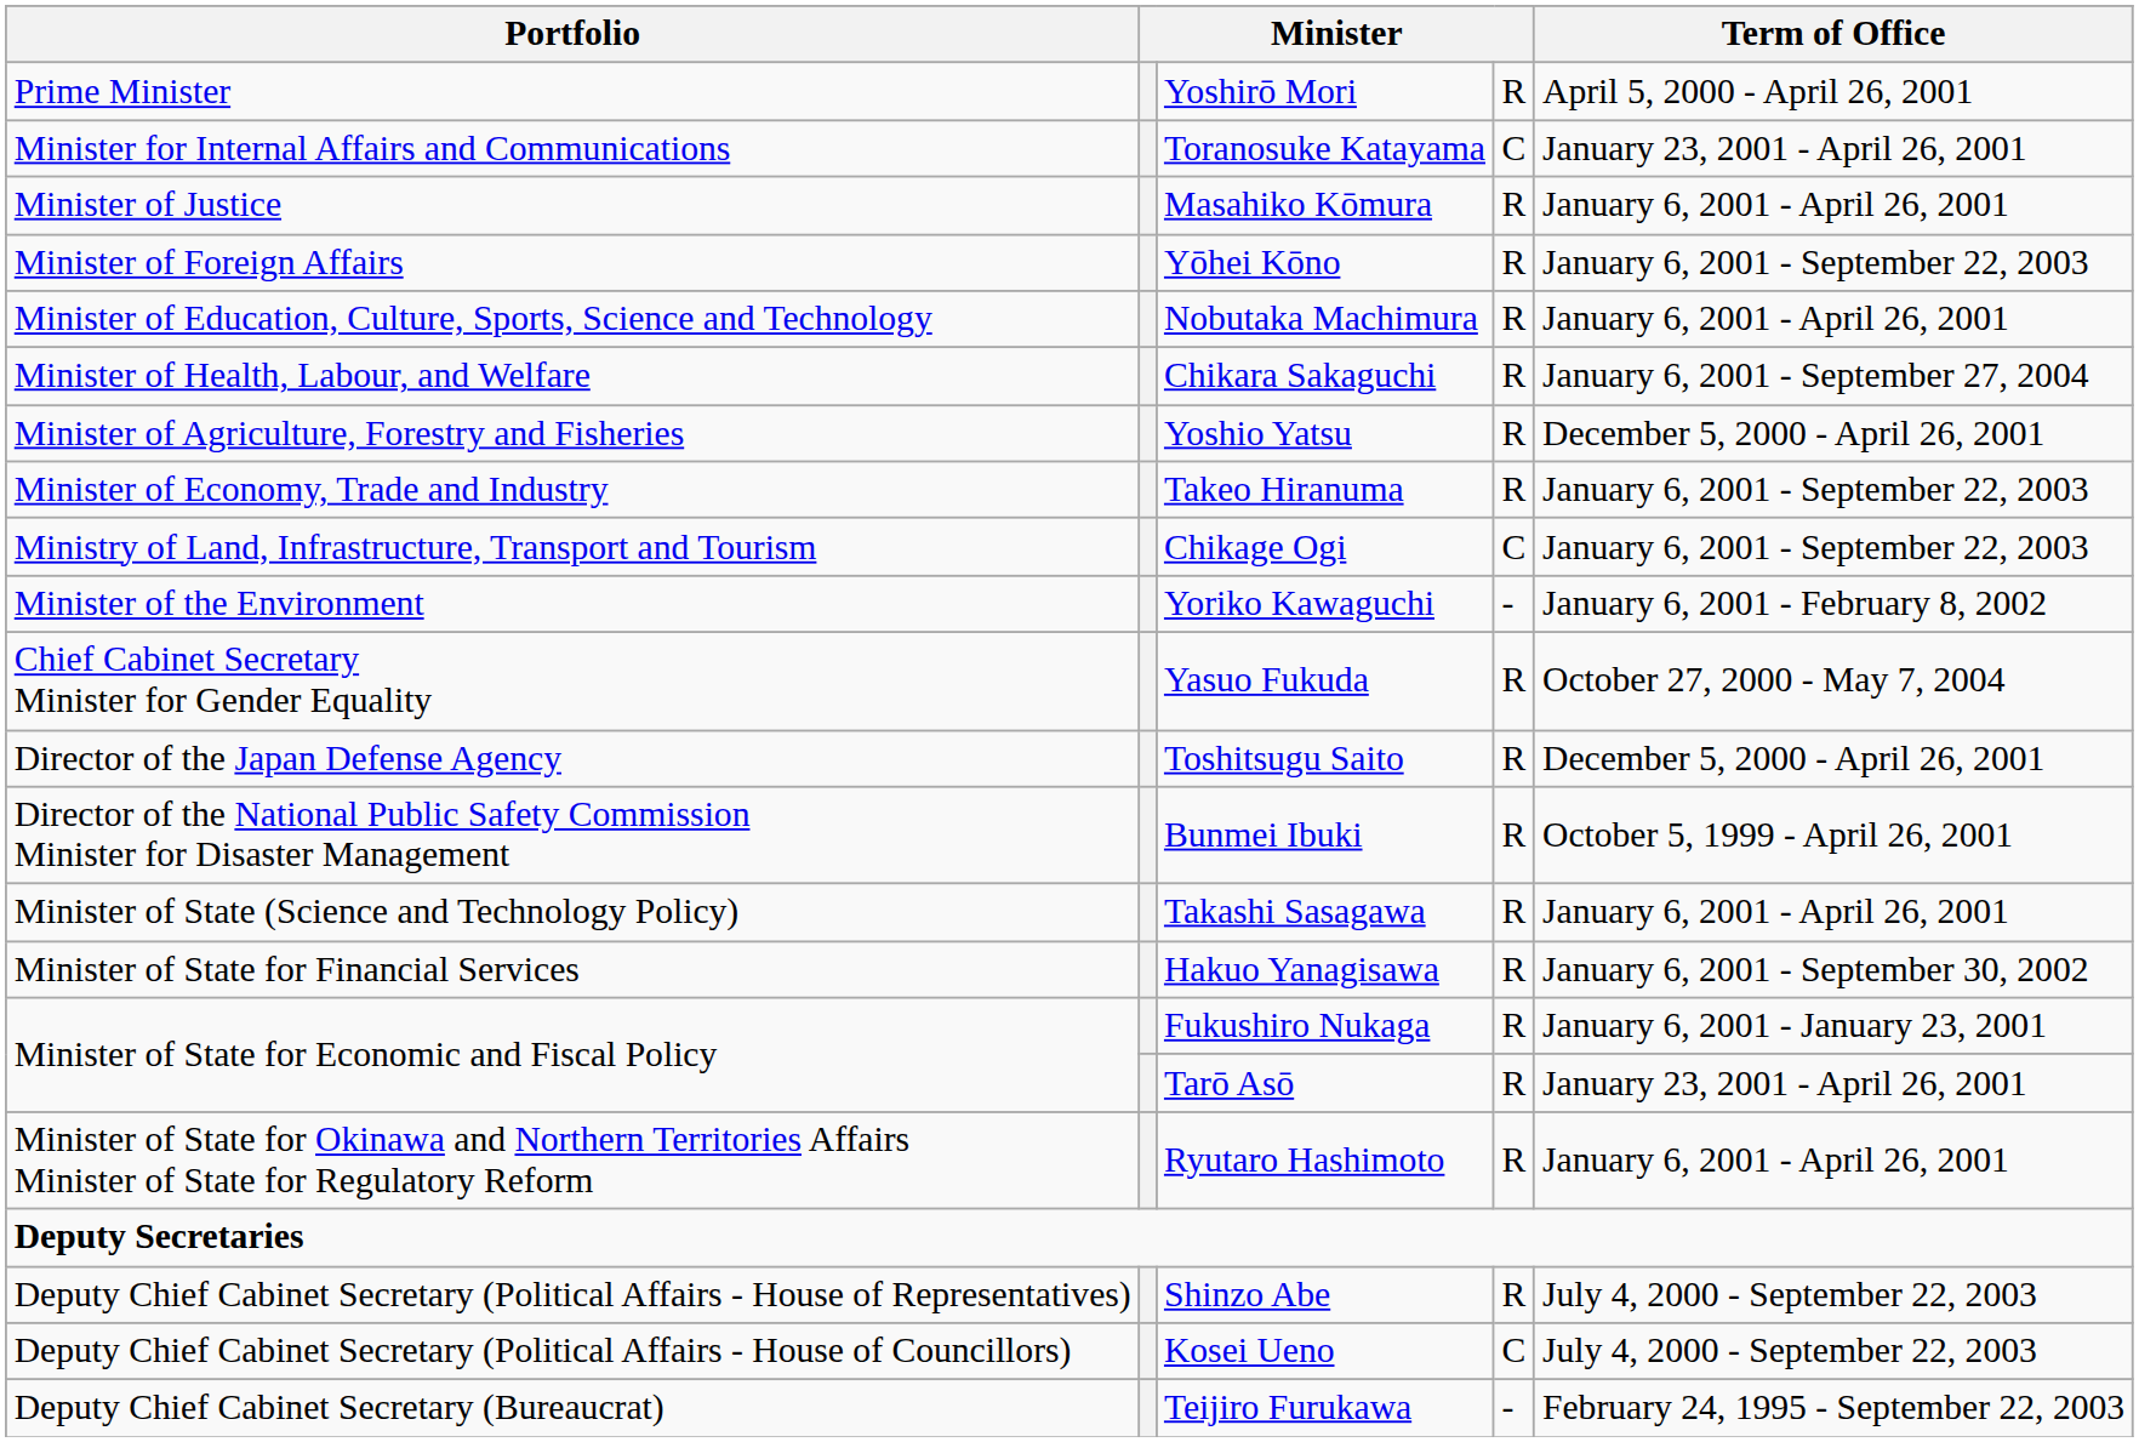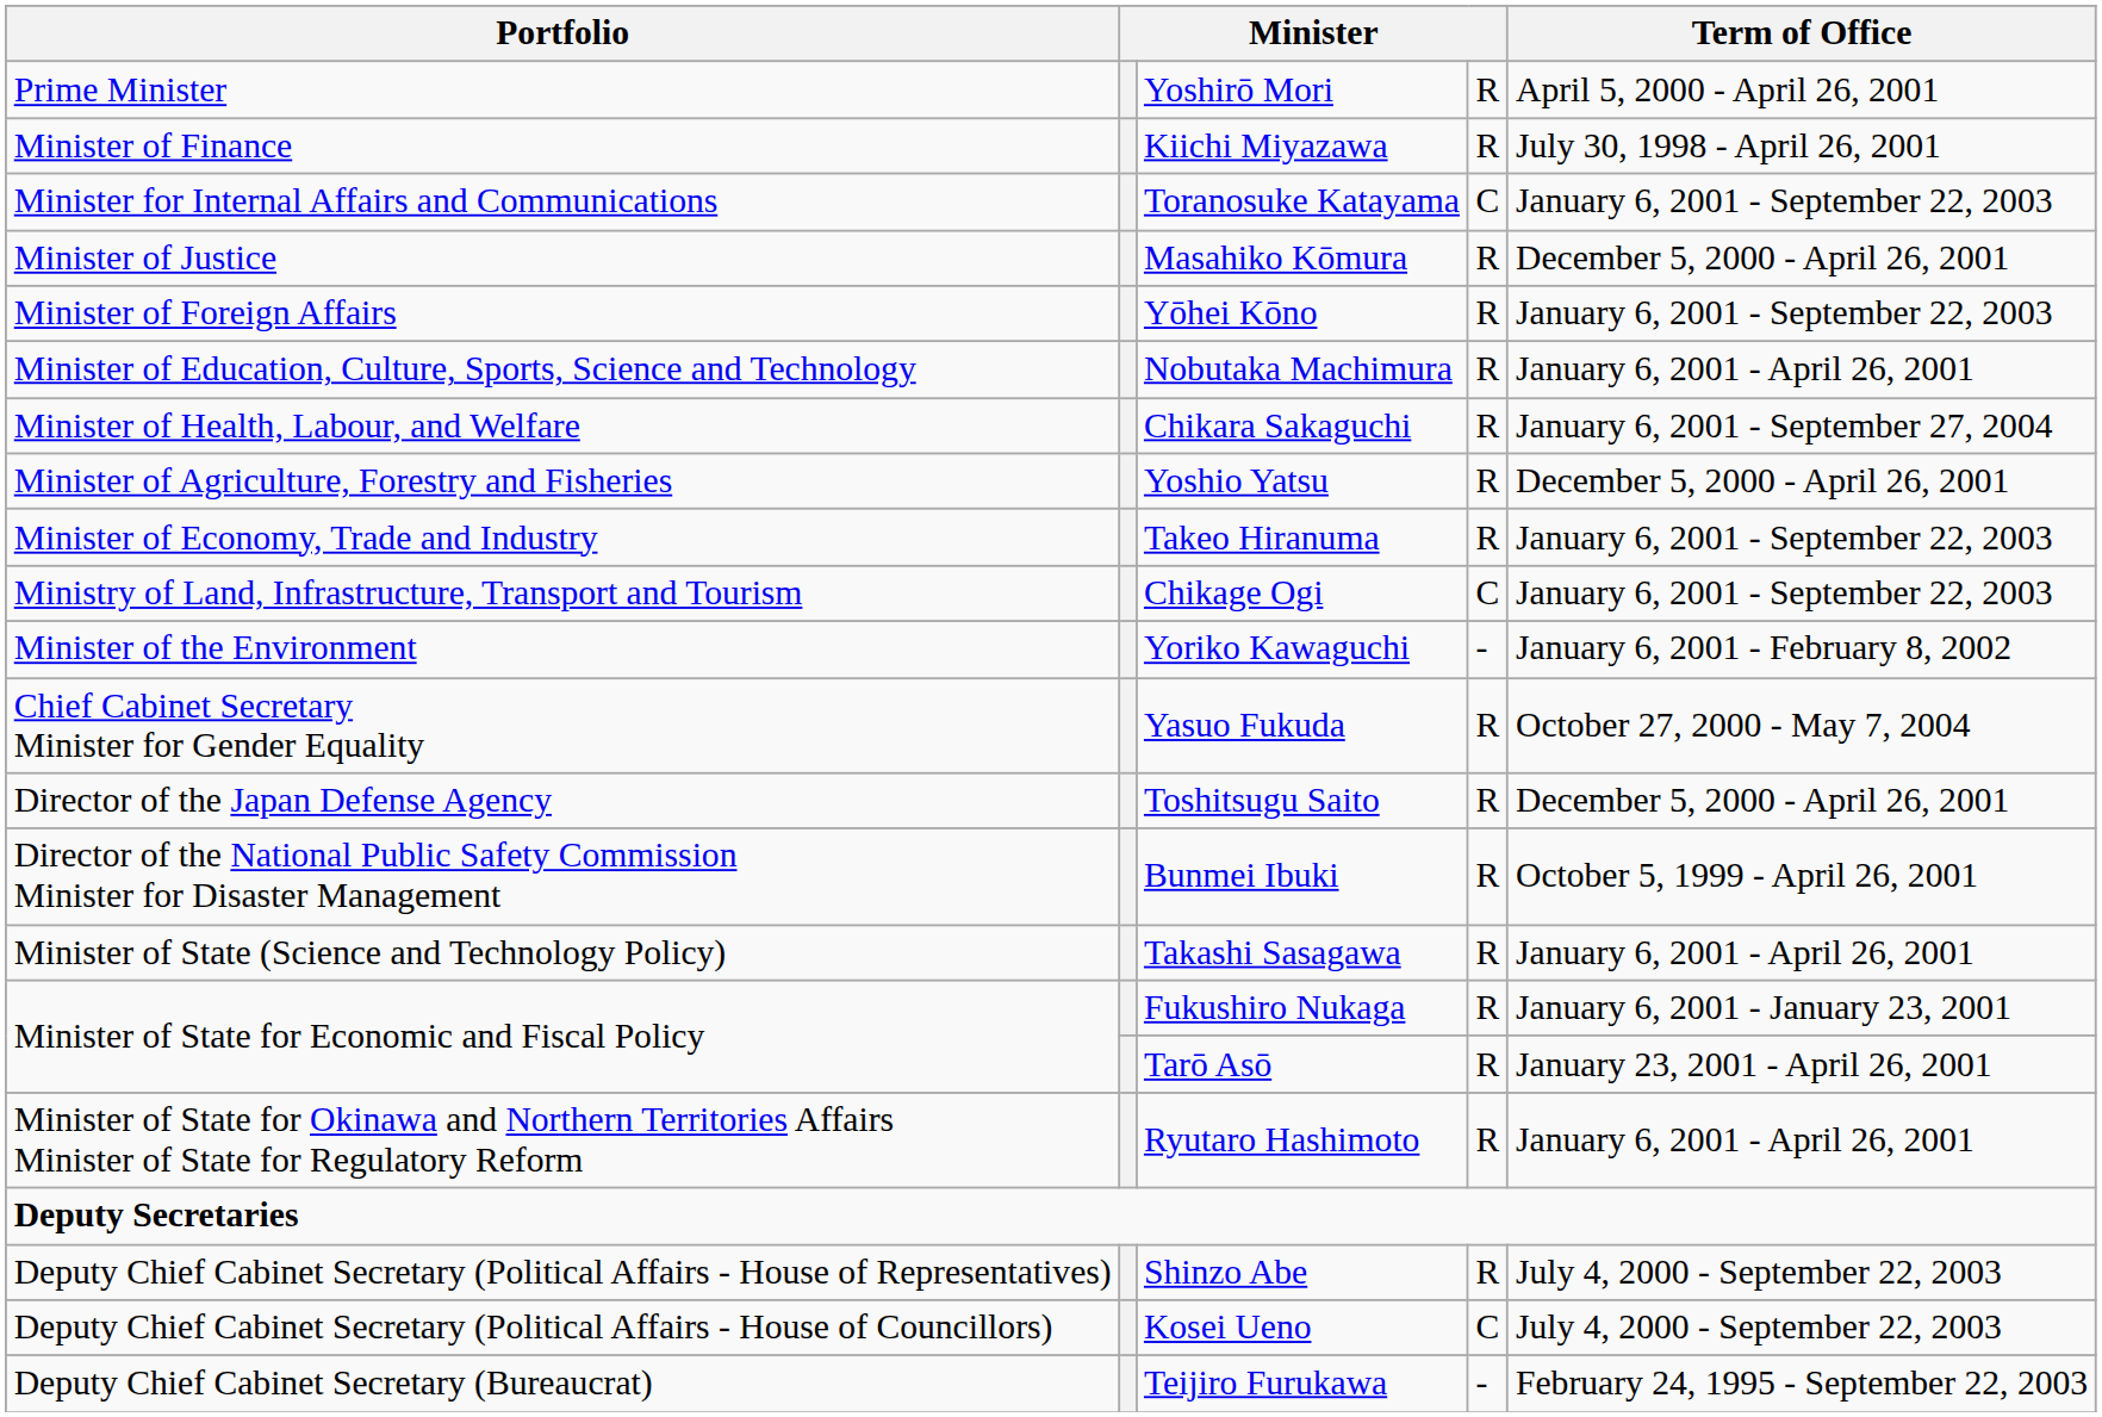 <table class="wikitable">
 <tr>
 <th>Portfolio</th>
 <th colspan=3>Minister</th>
 <th>Term of Office</th>
 </tr>
 <tr>
 <td><a href='#'>Prime Minister</a></td>
 <th style="color:inherit;background-color: "></th>
 <td><a href='#'>Yoshirō Mori</a></td>
 <td>R</td>
 <td>April 5, 2000 - April 26, 2001</td>
 </tr>
 <tr>
+<td><a href='#'>Minister of Finance</a></td>
+<th style="color:inherit;background-color: "></th>
+<td><a href='#'>Kiichi Miyazawa</a></td>
+<td>R</td>
+<td>July 30, 1998 - April 26, 2001</td>
+</tr>
+<tr>
 <td><a href='#'>Minister for Internal Affairs and Communications</a></td>
 <th style="color:inherit;background-color: "></th>
 <td><a href='#'>Toranosuke Katayama</a></td>
 <td>C</td>
-<td>January 23, 2001 - April 26, 2001</td>
+<td>January 6, 2001 - September 22, 2003</td>
 </tr>
 <tr>
 <td><a href='#'>Minister of Justice</a></td>
 <th style="color:inherit;background-color: "></th>
 <td><a href='#'>Masahiko Kōmura</a></td>
 <td>R</td>
-<td>January 6, 2001 - April 26, 2001</td>
+<td>December 5, 2000 - April 26, 2001</td>
 </tr>
 <tr>
 <td><a href='#'>Minister of Foreign Affairs</a></td>
 <th style="color:inherit;background-color: "></th>
 <td><a href='#'>Yōhei Kōno</a></td>
 <td>R</td>
 <td>January 6, 2001 - September 22, 2003</td>
 </tr>
 <tr>
 <td><a href='#'>Minister of Education, Culture, Sports, Science and Technology</a></td>
 <th style="color:inherit;background-color: "></th>
 <td><a href='#'>Nobutaka Machimura</a></td>
 <td>R</td>
 <td>January 6, 2001 - April 26, 2001</td>
 </tr>
 <tr>
 <td><a href='#'>Minister of Health, Labour, and Welfare</a></td>
 <th style="color:inherit;background-color: "></th>
 <td><a href='#'>Chikara Sakaguchi</a></td>
 <td>R</td>
 <td>January 6, 2001 - September 27, 2004</td>
 </tr>
 <tr>
 <td><a href='#'>Minister of Agriculture, Forestry and Fisheries</a></td>
 <th style="color:inherit;background-color: "></th>
 <td><a href='#'>Yoshio Yatsu</a></td>
 <td>R</td>
 <td>December 5, 2000 - April 26, 2001</td>
 </tr>
 <tr>
 <td><a href='#'>Minister of Economy, Trade and Industry</a></td>
 <th style="color:inherit;background-color: "></th>
 <td><a href='#'>Takeo Hiranuma</a></td>
 <td>R</td>
 <td>January 6, 2001 - September 22, 2003</td>
 </tr>
 <tr>
 <td><a href='#'>Ministry of Land, Infrastructure, Transport and Tourism</a></td>
 <th style="color:inherit;background-color: "></th>
 <td><a href='#'>Chikage Ogi</a></td>
 <td>C</td>
 <td>January 6, 2001 - September 22, 2003</td>
 </tr>
 <tr>
 <td><a href='#'>Minister of the Environment</a></td>
 <th style="color:inherit;background-color: "></th>
 <td><a href='#'>Yoriko Kawaguchi</a></td>
 <td>-</td>
 <td>January 6, 2001 - February 8, 2002</td>
 </tr>
 <tr>
 <td><a href='#'>Chief Cabinet Secretary</a> <br>Minister for Gender Equality</td>
 <th style="color:inherit;background-color: "></th>
 <td><a href='#'>Yasuo Fukuda</a></td>
 <td>R</td>
 <td>October 27, 2000 - May 7, 2004</td>
 </tr>
 <tr>
 <td>Director of the <a href='#'>Japan Defense Agency</a></td>
 <th style="color:inherit;background-color: "></th>
 <td><a href='#'>Toshitsugu Saito</a></td>
 <td>R</td>
 <td>December 5, 2000 - April 26, 2001</td>
 </tr>
 <tr>
 <td>Director of the <a href='#'>National Public Safety Commission</a> <br>Minister for Disaster Management</td>
 <th style="color:inherit;background-color: "></th>
 <td><a href='#'>Bunmei Ibuki</a></td>
 <td>R</td>
 <td>October 5, 1999 - April 26, 2001</td>
 </tr>
 <tr>
 <td>Minister of State (Science and Technology Policy)</td>
 <th style="color:inherit;background-color: "></th>
 <td><a href='#'>Takashi Sasagawa</a></td>
 <td>R</td>
 <td>January 6, 2001 - April 26, 2001</td>
 </tr>
 <tr>
-<td>Minister of State for Financial Services</td>
-<th style="color:inherit;background-color: "></th>
-<td><a href='#'>Hakuo Yanagisawa</a></td>
-<td>R</td>
-<td>January 6, 2001 - September 30, 2002</td>
-</tr>
-<tr>
 <td rowspan=2>Minister of State for Economic and Fiscal Policy</td>
 <th style="color:inherit;background-color: "></th>
 <td><a href='#'>Fukushiro Nukaga</a></td>
 <td>R</td>
 <td>January 6, 2001 - January 23, 2001</td>
 </tr>
 <tr>
 <th style="color:inherit;background-color: "></th>
 <td><a href='#'>Tarō Asō</a></td>
 <td>R</td>
 <td>January 23, 2001 - April 26, 2001</td>
 </tr>
 <tr>
 <td>Minister of State for <a href='#'>Okinawa</a> and <a href='#'>Northern Territories</a> Affairs <br>Minister of State for Regulatory Reform</td>
 <th style="color:inherit;background-color: "></th>
 <td><a href='#'>Ryutaro Hashimoto</a></td>
 <td>R</td>
 <td>January 6, 2001 - April 26, 2001</td>
 </tr>
 <tr>
 <td colspan=5><strong>Deputy Secretaries</strong></td>
 </tr>
 <tr>
 <td>Deputy Chief Cabinet Secretary (Political Affairs - House of Representatives)</td>
 <th style="color:inherit;background-color: "></th>
 <td><a href='#'>Shinzo Abe</a></td>
 <td>R</td>
 <td>July 4, 2000 - September 22, 2003</td>
 </tr>
 <tr>
 <td>Deputy Chief Cabinet Secretary (Political Affairs - House of Councillors)</td>
 <th style="color:inherit;background-color: "></th>
 <td><a href='#'>Kosei Ueno</a></td>
 <td>C</td>
 <td>July 4, 2000 - September 22, 2003</td>
 </tr>
 <tr>
 <td>Deputy Chief Cabinet Secretary (Bureaucrat)</td>
 <th style="color:inherit;background-color: "></th>
 <td><a href='#'>Teijiro Furukawa</a></td>
 <td>-</td>
 <td>February 24, 1995 - September 22, 2003</td>
 </tr>
 </table>
